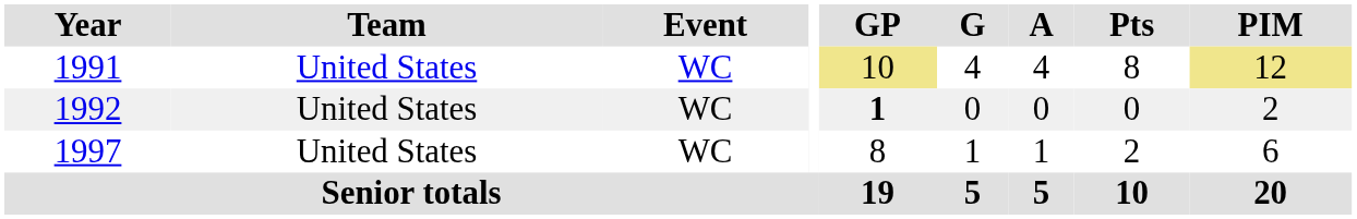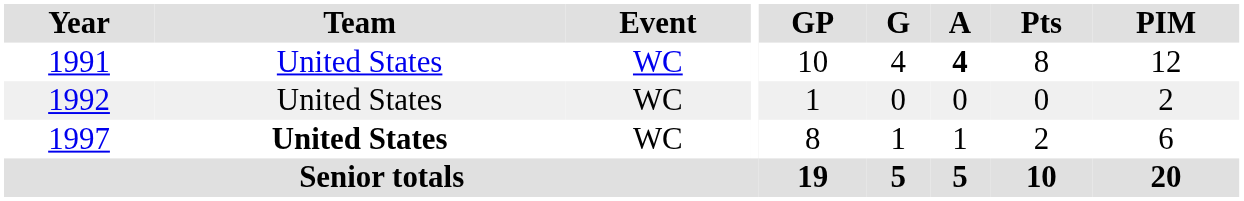 <table border="0" cellpadding="1" cellspacing="0" ID="Table3" style="text-align:center; width:40em">
 <tr bgcolor="#e0e0e0">
 <th>Year</th>
 <th>Team</th>
 <th>Event</th>
 <th rowspan="102" bgcolor="#ffffff"></th>
 <th>GP</th>
 <th>G</th>
 <th>A</th>
 <th>Pts</th>
 <th>PIM</th>
 </tr>
 <tr>
 <td><a href='#'>1991</a></td>
 <td><a href='#'>United States</a></td>
 <td><a href='#'>WC</a></td>
-<td style="background: khaki;">10</td>
+<td>10</td>
 <td>4</td>
-<td>4</td>
+<td><strong>4</strong></td>
 <td>8</td>
-<td style="background: khaki;">12</td>
+<td>12</td>
 </tr>
 <tr bgcolor="#f0f0f0">
 <td><a href='#'>1992</a></td>
 <td>United States</td>
 <td>WC</td>
-<td><strong>1</strong></td>
+<td>1</td>
 <td>0</td>
 <td>0</td>
 <td>0</td>
 <td>2</td>
 </tr>
 <tr>
 <td><a href='#'>1997</a></td>
-<td>United States</td>
+<td><strong>United States</strong></td>
 <td>WC</td>
 <td>8</td>
 <td>1</td>
 <td>1</td>
 <td>2</td>
 <td>6</td>
 </tr>
 <tr bgcolor="#e0e0e0">
 <th colspan="4">Senior totals</th>
 <th>19</th>
 <th>5</th>
 <th>5</th>
 <th>10</th>
 <th>20</th>
 </tr>
 </table>
